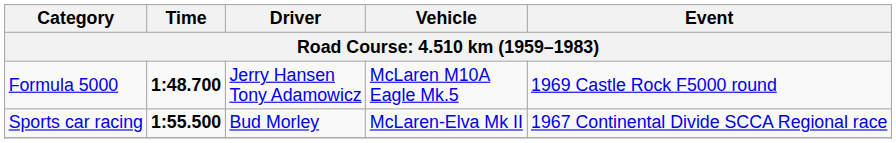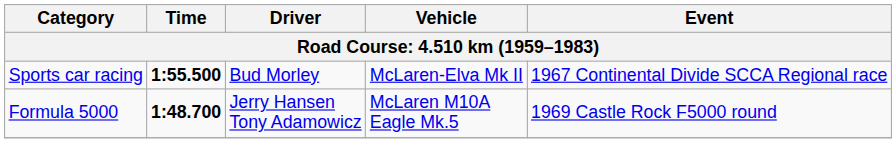 <table class="wikitable">
 <tr>
 <th>Category</th>
 <th>Time</th>
 <th>Driver</th>
 <th>Vehicle</th>
 <th>Event</th>
 </tr>
 <tr>
 <th colspan=5>Road Course: 4.510 km (1959–1983)</th>
 </tr>
 <tr>
+<td><a href='#'>Sports car racing</a></td>
+<td><strong>1:55.500</strong></td>
+<td><a href='#'>Bud Morley</a></td>
+<td><a href='#'>McLaren-Elva Mk II</a></td>
+<td><a href='#'>1967 Continental Divide SCCA Regional race</a></td>
+</tr>
+<tr>
 <td><a href='#'>Formula 5000</a></td>
 <td><strong>1:48.700</strong></td>
 <td><a href='#'>Jerry Hansen</a><br><a href='#'>Tony Adamowicz</a></td>
 <td><a href='#'>McLaren M10A</a><br><a href='#'>Eagle Mk.5</a></td>
 <td><a href='#'>1969 Castle Rock F5000 round</a></td>
 </tr>
 <tr>
-<td><a href='#'>Sports car racing</a></td>
-<td><strong>1:55.500</strong></td>
-<td><a href='#'>Bud Morley</a></td>
-<td><a href='#'>McLaren-Elva Mk II</a></td>
-<td><a href='#'>1967 Continental Divide SCCA Regional race</a></td>
-</tr>
-<tr>
 </tr>
 </table>
